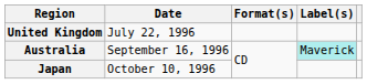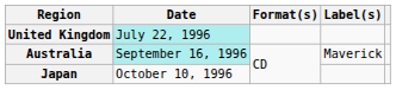 <table class="wikitable plainrowheaders">
 <tr>
 <th scope="col">Region</th>
 <th scope="col">Date</th>
 <th scope="col">Format(s)</th>
 <th scope="col">Label(s)</th>
 <th scope="col"></th>
 </tr>
 <tr>
 <th scope="row">United Kingdom</th>
-<td>July 22, 1996</td>
+<td style="background: paleturquoise;">July 22, 1996</td>
 <td></td>
 <td></td>
 <td align="center"></td>
 </tr>
 <tr>
 <th scope="row">Australia</th>
-<td>September 16, 1996</td>
+<td style="background: paleturquoise;">September 16, 1996</td>
 <td rowspan="2">CD</td>
-<td style="background: paleturquoise;">Maverick</td>
+<td>Maverick</td>
 <td align="center"></td>
 </tr>
 <tr>
 <th scope="row">Japan</th>
 <td>October 10, 1996</td>
 <td></td>
 <td align="center"></td>
 </tr>
 </table>
